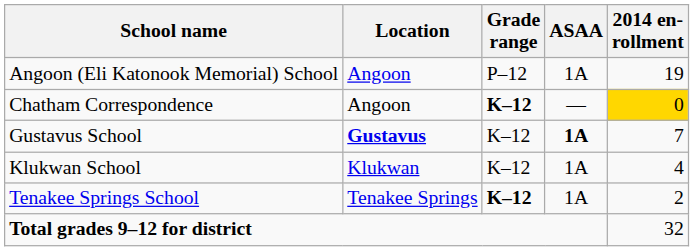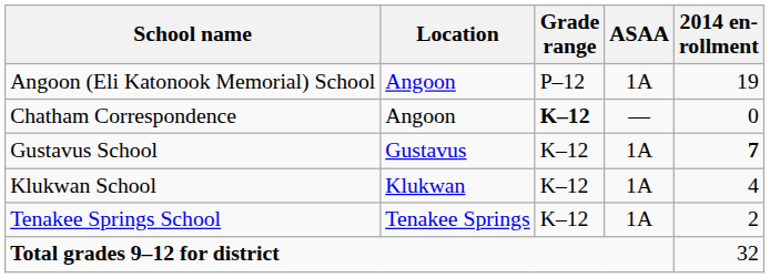 <table class="wikitable">
 <tr>
 <th>School name</th>
 <th>Location</th>
 <th>Grade<br>range</th>
 <th>ASAA</th>
 <th>2014 en-<br>rollment</th>
 </tr>
 <tr>
 <td>Angoon (Eli Katonook Memorial) School</td>
 <td><a href='#'>Angoon</a></td>
 <td>P–12</td>
 <td align="center">1A</td>
 <td align="right">19</td>
 </tr>
 <tr>
 <td>Chatham Correspondence</td>
 <td>Angoon</td>
 <td><strong>K–12</strong></td>
 <td align="center">—</td>
-<td align="right" style="background: gold;">0</td>
+<td align="right">0</td>
 </tr>
 <tr>
 <td>Gustavus School</td>
-<td><strong><a href='#'>Gustavus</a></strong></td>
+<td><a href='#'>Gustavus</a></td>
 <td>K–12</td>
-<td align="center"><strong>1A</strong></td>
-<td align="right">7</td>
+<td align="center">1A</td>
+<td align="right"><strong>7</strong></td>
 </tr>
 <tr>
 <td>Klukwan School</td>
 <td><a href='#'>Klukwan</a></td>
 <td>K–12</td>
 <td align="center">1A</td>
 <td align="right">4</td>
 </tr>
 <tr>
 <td><a href='#'>Tenakee Springs School</a></td>
 <td><a href='#'>Tenakee Springs</a></td>
-<td><strong>K–12</strong></td>
+<td>K–12</td>
 <td align="center">1A</td>
 <td align="right">2</td>
 </tr>
 <tr>
 <td colspan="4"><strong>Total grades 9–12 for district</strong></td>
 <td align="right">32</td>
 </tr>
 </table>
